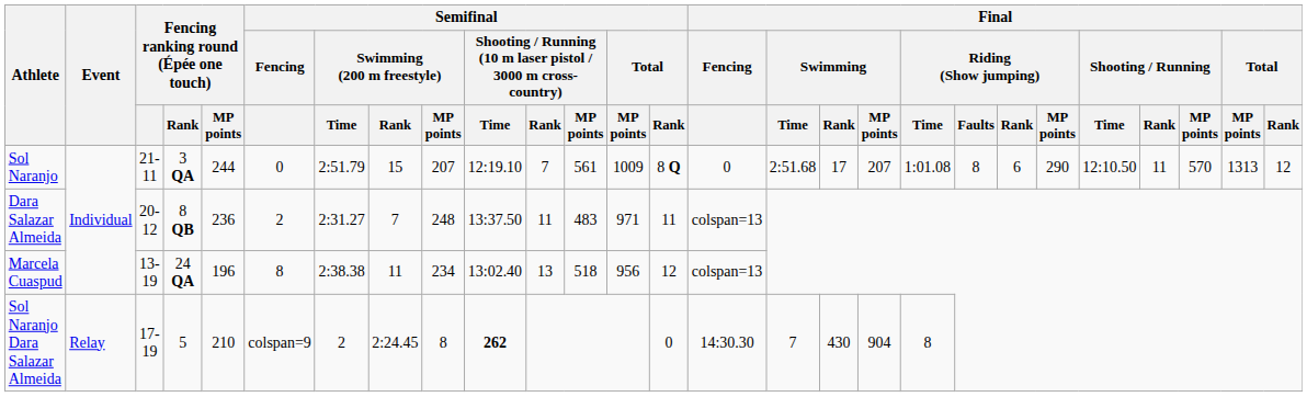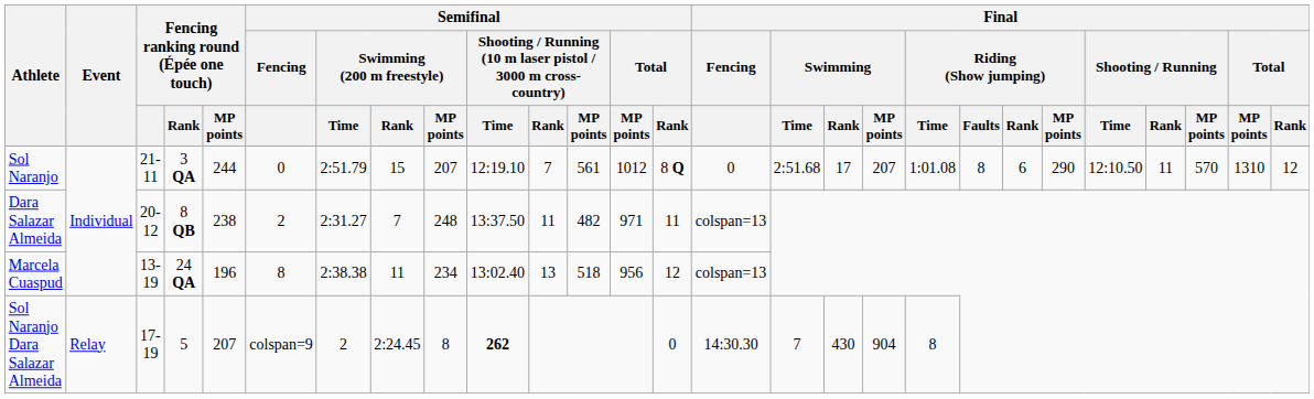 <table class=wikitable style=font-size:90%;text-align:center>
 <tr>
 <th rowspan=3>Athlete</th>
 <th rowspan=3>Event</th>
 <th colspan=3 rowspan=2>Fencing ranking round<br><span>(Épée one touch)</span></th>
 <th colspan=9>Semifinal</th>
 <th colspan=13>Final</th>
 </tr>
 <tr style=font-size:95%>
 <th>Fencing</th>
 <th colspan=3>Swimming<br><span>(200 m freestyle)</span></th>
 <th colspan=3>Shooting / Running<br><span>(10 m laser pistol / 3000 m cross-country)</span></th>
 <th colspan=2>Total</th>
 <th>Fencing</th>
 <th colspan=3>Swimming</th>
 <th colspan=4>Riding<br><span>(Show jumping)</span></th>
 <th colspan=3>Shooting / Running</th>
 <th colspan=2>Total</th>
 </tr>
 <tr style=font-size:90%>
 <th></th>
 <th>Rank</th>
 <th>MP points</th>
 <th></th>
 <th>Time</th>
 <th>Rank</th>
 <th>MP points</th>
 <th>Time</th>
 <th>Rank</th>
 <th>MP points</th>
 <th>MP points</th>
 <th>Rank</th>
 <th></th>
 <th>Time</th>
 <th>Rank</th>
 <th>MP points</th>
 <th>Time</th>
 <th>Faults</th>
 <th>Rank</th>
 <th>MP points</th>
 <th>Time</th>
 <th>Rank</th>
 <th>MP points</th>
 <th>MP points</th>
 <th>Rank</th>
 </tr>
 <tr align=center>
 <td align=left><a href='#'>Sol Naranjo</a></td>
 <td align=left rowspan=3><a href='#'>Individual</a></td>
 <td>21-11</td>
 <td>3 <strong>QA</strong></td>
 <td>244</td>
 <td>0</td>
 <td>2:51.79</td>
 <td>15</td>
 <td>207</td>
 <td>12:19.10</td>
 <td>7</td>
 <td>561</td>
-<td>1009</td>
+<td>1012</td>
 <td>8 <strong>Q</strong></td>
 <td>0</td>
 <td>2:51.68</td>
 <td>17</td>
 <td>207</td>
 <td>1:01.08</td>
 <td>8</td>
 <td>6</td>
 <td>290</td>
 <td>12:10.50</td>
 <td>11</td>
 <td>570</td>
-<td>1313</td>
+<td>1310</td>
 <td>12</td>
 </tr>
 <tr align=center>
 <td align=left><a href='#'>Dara Salazar Almeida</a></td>
 <td>20-12</td>
 <td>8 <strong>QB</strong></td>
-<td>236</td>
+<td>238</td>
 <td>2</td>
 <td>2:31.27</td>
 <td>7</td>
 <td>248</td>
 <td>13:37.50</td>
 <td>11</td>
-<td>483</td>
+<td>482</td>
 <td>971</td>
 <td>11</td>
 <td>colspan=13 </td>
 </tr>
 <tr align=center>
 <td align=left><a href='#'>Marcela Cuaspud</a></td>
 <td>13-19</td>
 <td>24 <strong>QA</strong></td>
 <td>196</td>
 <td>8</td>
 <td>2:38.38</td>
 <td>11</td>
 <td>234</td>
 <td>13:02.40</td>
 <td>13</td>
 <td>518</td>
 <td>956</td>
 <td>12</td>
 <td>colspan=13 </td>
 </tr>
 <tr align=center>
 <td align=left><a href='#'>Sol Naranjo</a> <br> <a href='#'>Dara Salazar Almeida</a></td>
 <td align=left><a href='#'>Relay</a></td>
 <td>17-19</td>
 <td>5</td>
-<td>210</td>
+<td>207</td>
 <td>colspan=9 </td>
 <td>2</td>
 <td>2:24.45</td>
 <td>8</td>
 <td><strong>262</strong></td>
 <td colspan=3></td>
 <td>0</td>
 <td>14:30.30</td>
 <td>7</td>
 <td>430</td>
 <td>904</td>
 <td>8</td>
 </tr>
 </table>
